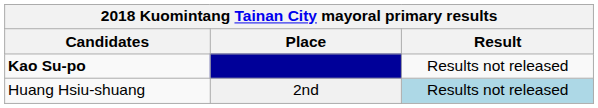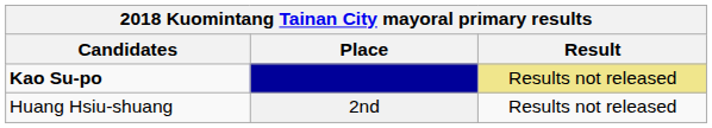 <table class="wikitable collapsible" style="margin:1em auto;">
 <tr>
 <th colspan="5" width=600>2018 Kuomintang <a href='#'>Tainan City</a> mayoral primary results</th>
 </tr>
 <tr>
 <th width=80>Candidates</th>
 <th width=80>Place</th>
 <th width=80>Result</th>
 </tr>
 <tr>
 <td><strong>Kao Su-po</strong></td>
 <td style="background: #000099; text-align:center"><strong></strong></td>
-<td style="text-align:center">Results not released</td>
+<td style="background: khaki; text-align:center">Results not released</td>
 </tr>
 <tr>
 <td>Huang Hsiu-shuang</td>
 <td style="background: #f1f1f1; text-align:center">2nd</td>
-<td style="background: lightblue; text-align:center">Results not released</td>
+<td style="text-align:center">Results not released</td>
 </tr>
 </table>
